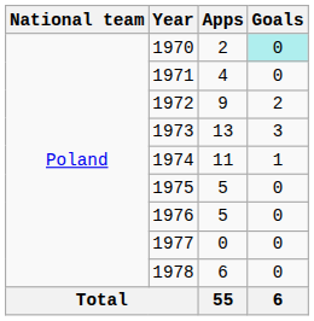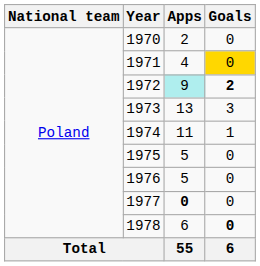 <table class="wikitable" style="text-align:center">
 <tr>
 <th>National team</th>
 <th>Year</th>
 <th>Apps</th>
 <th>Goals</th>
 </tr>
 <tr>
 <td rowspan="9"><a href='#'>Poland</a></td>
 <td>1970</td>
 <td>2</td>
-<td style="background: paleturquoise;">0</td>
+<td>0</td>
 </tr>
 <tr>
 <td>1971</td>
 <td>4</td>
-<td>0</td>
+<td style="background: gold;">0</td>
 </tr>
 <tr>
 <td>1972</td>
-<td>9</td>
-<td>2</td>
+<td style="background: paleturquoise;">9</td>
+<td><strong>2</strong></td>
 </tr>
 <tr>
 <td>1973</td>
 <td>13</td>
 <td>3</td>
 </tr>
 <tr>
 <td>1974</td>
 <td>11</td>
 <td>1</td>
 </tr>
 <tr>
 <td>1975</td>
 <td>5</td>
 <td>0</td>
 </tr>
 <tr>
 <td>1976</td>
 <td>5</td>
 <td>0</td>
 </tr>
 <tr>
 <td>1977</td>
-<td>0</td>
+<td><strong>0</strong></td>
 <td>0</td>
 </tr>
 <tr>
 <td>1978</td>
 <td>6</td>
-<td>0</td>
+<td><strong>0</strong></td>
 </tr>
 <tr>
 <th colspan="2">Total</th>
 <th>55</th>
 <th>6</th>
 </tr>
 </table>
